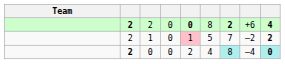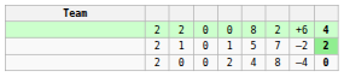 <table class="wikitable" style="text-align:center">
 <tr>
 <th width=175>Team</th>
 <th width=25></th>
 <th width=25></th>
 <th width=25></th>
 <th width=25></th>
 <th width=25></th>
 <th width=25></th>
 <th width=25></th>
 <th width=25></th>
 </tr>
 <tr bgcolor=#ccffcc>
 <td align=left></td>
-<td><strong>2</strong></td>
+<td>2</td>
 <td>2</td>
 <td>0</td>
-<td><strong>0</strong></td>
+<td>0</td>
 <td>8</td>
-<td><strong>2</strong></td>
+<td>2</td>
 <td>+6</td>
 <td><strong>4</strong></td>
 </tr>
 <tr>
 <td align=left></td>
 <td>2</td>
 <td>1</td>
 <td>0</td>
-<td style="background: pink;">1</td>
+<td>1</td>
 <td>5</td>
 <td>7</td>
 <td>–2</td>
-<td><strong>2</strong></td>
+<td style="background: lightgreen;"><strong>2</strong></td>
 </tr>
 <tr>
 <td align=left></td>
-<td><strong>2</strong></td>
+<td>2</td>
 <td>0</td>
 <td>0</td>
 <td>2</td>
 <td>4</td>
-<td style="background: paleturquoise;">8</td>
+<td>8</td>
 <td>–4</td>
-<td style="background: paleturquoise;"><strong>0</strong></td>
+<td><strong>0</strong></td>
 </tr>
 </table>
